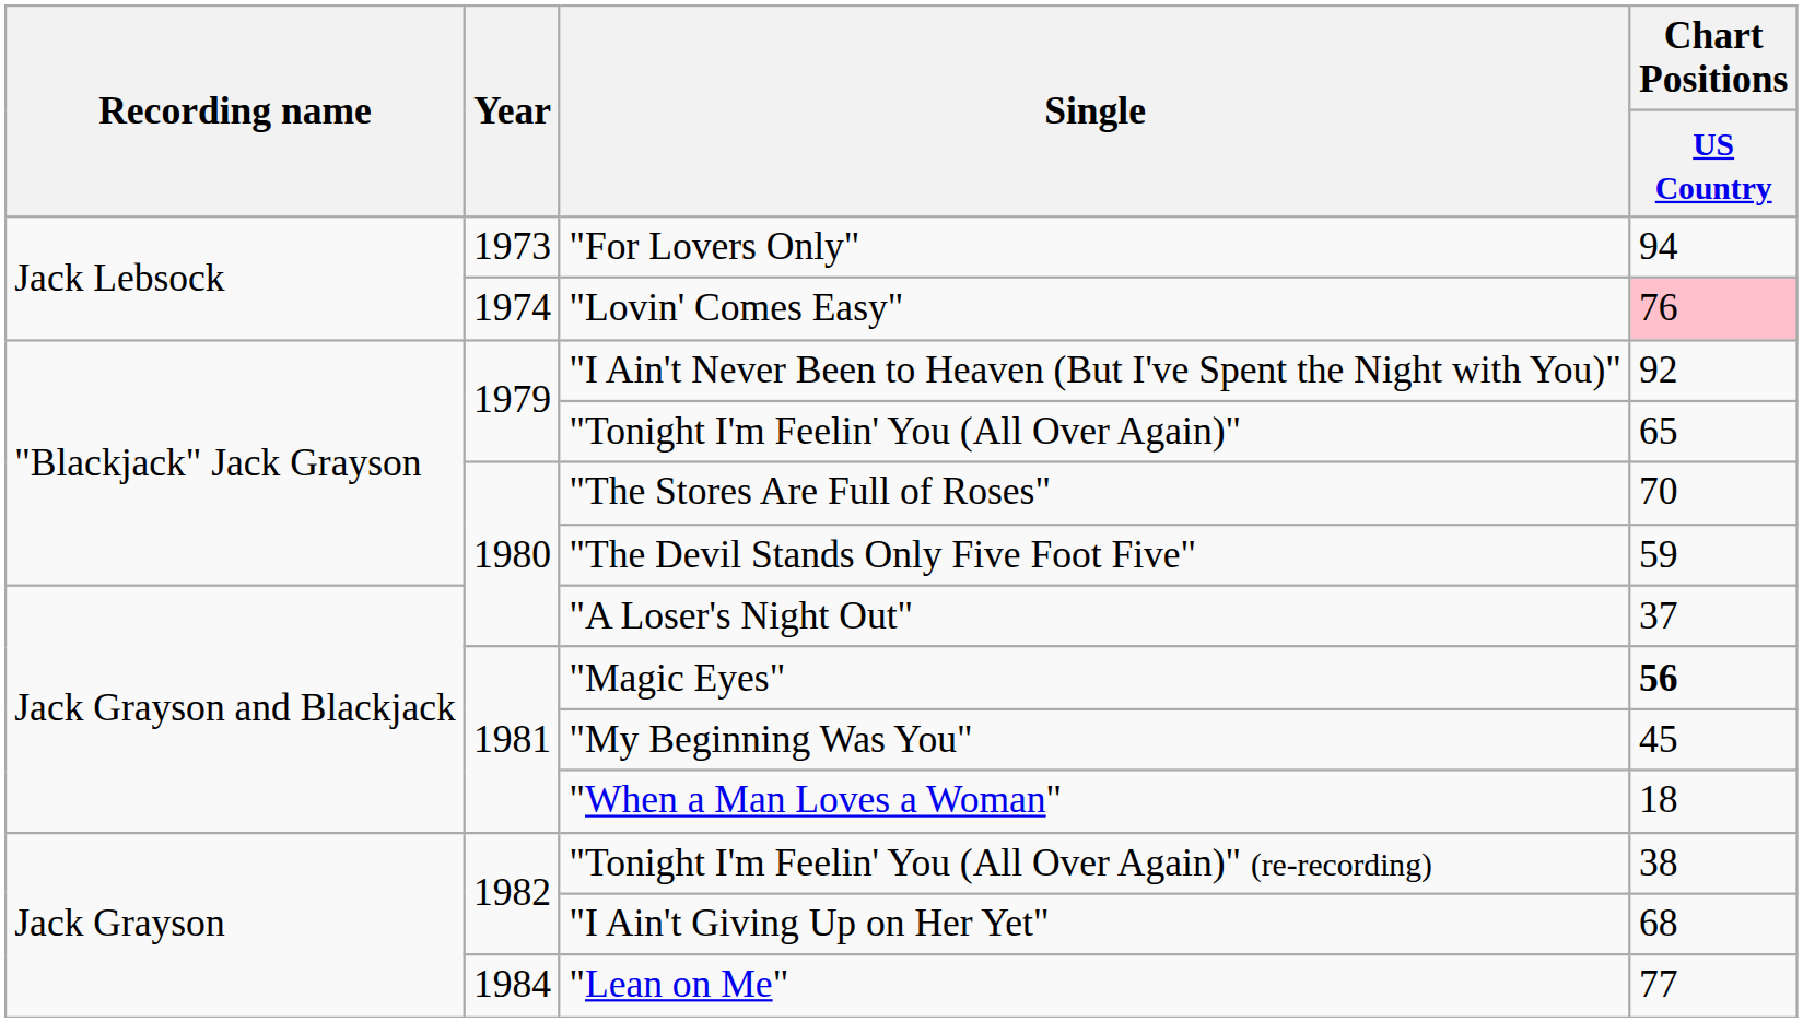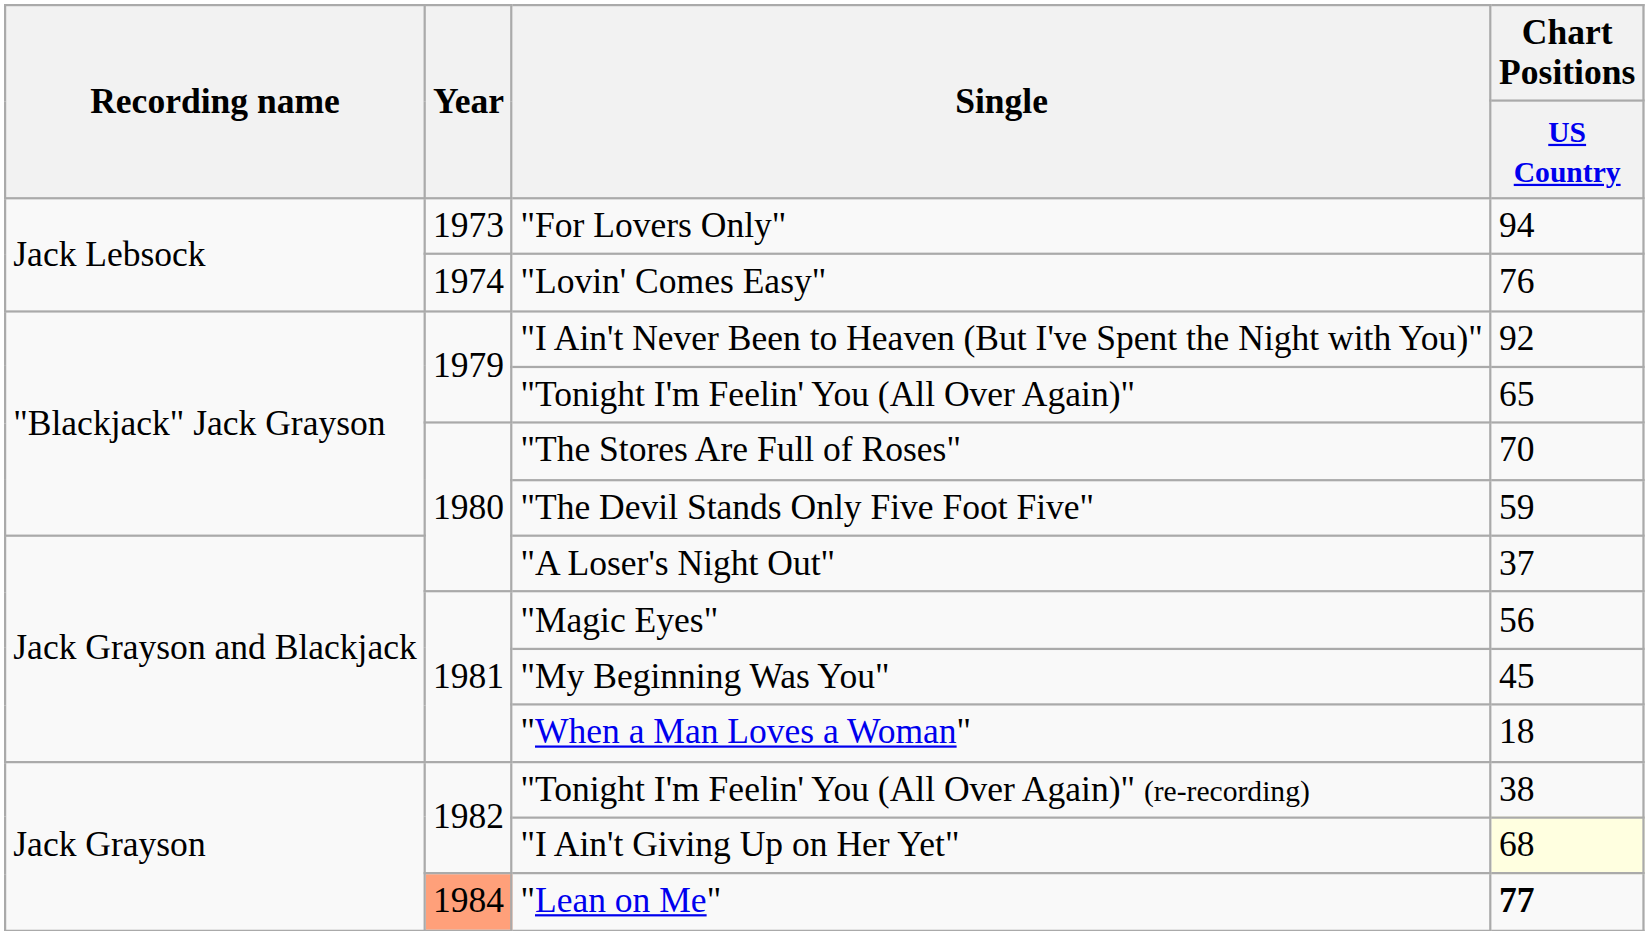 <table class="wikitable">
 <tr>
 <th rowspan="2">Recording name</th>
 <th rowspan="2">Year</th>
 <th rowspan="2">Single</th>
 <th colspan="1">Chart Positions</th>
 </tr>
 <tr>
 <th width="50"><small><a href='#'>US Country</a></small></th>
 </tr>
 <tr>
 <td rowspan=2>Jack Lebsock</td>
 <td>1973</td>
 <td>"For Lovers Only"</td>
 <td>94</td>
 </tr>
 <tr>
 <td>1974</td>
 <td>"Lovin' Comes Easy"</td>
-<td style="background: pink;">76</td>
+<td>76</td>
 </tr>
 <tr>
 <td rowspan=4>"Blackjack" Jack Grayson</td>
 <td rowspan=2>1979</td>
 <td>"I Ain't Never Been to Heaven (But I've Spent the Night with You)"</td>
 <td>92</td>
 </tr>
 <tr>
 <td>"Tonight I'm Feelin' You (All Over Again)"</td>
 <td>65</td>
 </tr>
 <tr>
 <td rowspan=3>1980</td>
 <td>"The Stores Are Full of Roses"</td>
 <td>70</td>
 </tr>
 <tr>
 <td>"The Devil Stands Only Five Foot Five"</td>
 <td>59</td>
 </tr>
 <tr>
 <td rowspan=4>Jack Grayson and Blackjack</td>
 <td>"A Loser's Night Out"</td>
 <td>37</td>
 </tr>
 <tr>
 <td rowspan=3>1981</td>
 <td>"Magic Eyes"</td>
-<td><strong>56</strong></td>
+<td>56</td>
 </tr>
 <tr>
 <td>"My Beginning Was You"</td>
 <td>45</td>
 </tr>
 <tr>
 <td>"<a href='#'>When a Man Loves a Woman</a>"</td>
 <td>18</td>
 </tr>
 <tr>
 <td rowspan=3>Jack Grayson</td>
 <td rowspan=2>1982</td>
 <td>"Tonight I'm Feelin' You (All Over Again)" <small>(re-recording)</small></td>
 <td>38</td>
 </tr>
 <tr>
 <td>"I Ain't Giving Up on Her Yet"</td>
-<td>68</td>
+<td style="background: lightyellow;">68</td>
 </tr>
 <tr>
-<td>1984</td>
+<td style="background: lightsalmon;">1984</td>
 <td>"<a href='#'>Lean on Me</a>"</td>
-<td>77</td>
+<td><strong>77</strong></td>
 </tr>
 </table>
